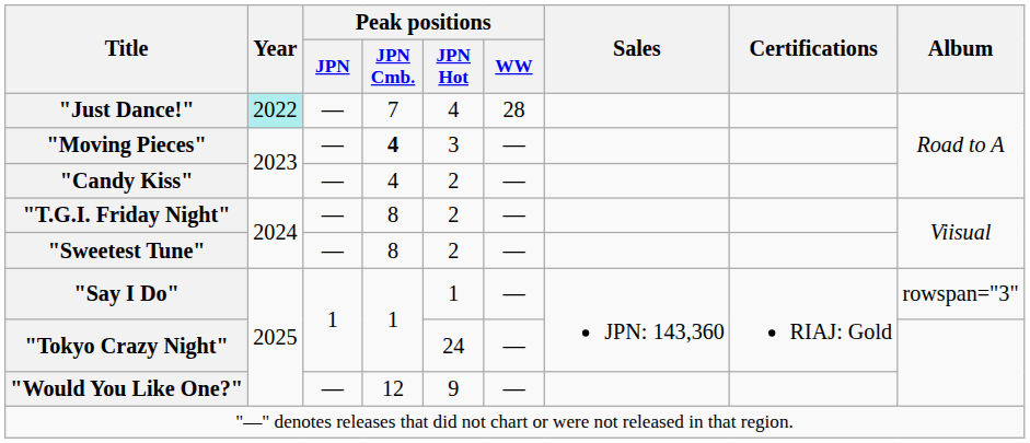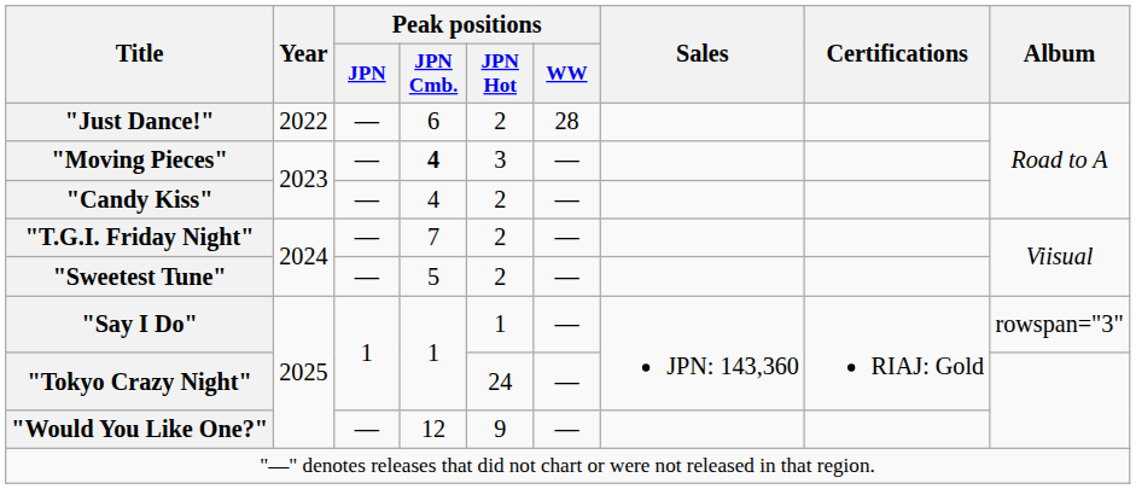 <table class="wikitable plainrowheaders" style="text-align:center;">
 <tr>
 <th scope="col" rowspan="2">Title</th>
 <th scope="col" rowspan="2">Year</th>
 <th scope="col" colspan="4">Peak positions</th>
 <th scope="col" rowspan="2">Sales</th>
 <th scope="col" rowspan="2">Certifications</th>
 <th scope="col" rowspan="2">Album</th>
 </tr>
 <tr>
 <th scope="col" style="width:2.75em;font-size:85%;"><a href='#'>JPN</a><br></th>
 <th scope="col" style="width:2.75em;font-size:85%"><a href='#'>JPN<br>Cmb.</a><br></th>
 <th scope="col" style="width:2.75em;font-size:85%"><a href='#'>JPN<br>Hot</a><br></th>
 <th scope="col" style="width:2.75em;font-size:85%"><a href='#'>WW</a><br></th>
 </tr>
 <tr>
 <th scope="row">"Just Dance!"</th>
-<td style="background: paleturquoise;">2022</td>
+<td>2022</td>
 <td>—</td>
-<td>7</td>
-<td>4</td>
+<td>6</td>
+<td>2</td>
 <td>28</td>
 <td></td>
 <td></td>
 <td rowspan="3"><em>Road to A</em></td>
 </tr>
 <tr>
 <th scope="row">"Moving Pieces"</th>
 <td rowspan="2">2023</td>
 <td>—</td>
 <td><strong>4</strong></td>
 <td>3</td>
 <td>—</td>
 <td></td>
 <td></td>
 </tr>
 <tr>
 <th scope="row">"Candy Kiss"</th>
 <td>—</td>
 <td>4</td>
 <td>2</td>
 <td>—</td>
 <td></td>
 <td></td>
 </tr>
 <tr>
 <th scope="row">"T.G.I. Friday Night"</th>
 <td rowspan="2">2024</td>
 <td>—</td>
-<td>8</td>
+<td>7</td>
 <td>2</td>
 <td>—</td>
 <td></td>
 <td></td>
 <td rowspan="2"><em>Viisual</em></td>
 </tr>
 <tr>
 <th scope="row">"Sweetest Tune"</th>
 <td>—</td>
-<td>8</td>
+<td>5</td>
 <td>2</td>
 <td>—</td>
 <td></td>
 <td></td>
 </tr>
 <tr>
 <th scope="row">"Say I Do"</th>
 <td rowspan="3">2025</td>
 <td rowspan="2">1</td>
 <td rowspan="2">1</td>
 <td>1</td>
 <td>—</td>
 <td rowspan="2"><br><ul><li>JPN: 143,360</li></ul></td>
 <td rowspan="2"><br><ul><li>RIAJ: Gold </li></ul></td>
 <td>rowspan="3" </td>
 </tr>
 <tr>
 <th scope="row">"Tokyo Crazy Night"</th>
 <td>24</td>
 <td>—</td>
 </tr>
 <tr>
 <th scope="row">"Would You Like One?"</th>
 <td>—</td>
 <td>12</td>
 <td>9</td>
 <td>—</td>
 <td></td>
 <td></td>
 </tr>
 <tr>
 <td colspan="9" style="font-size:85%">"—" denotes releases that did not chart or were not released in that region.</td>
 </tr>
 </table>
